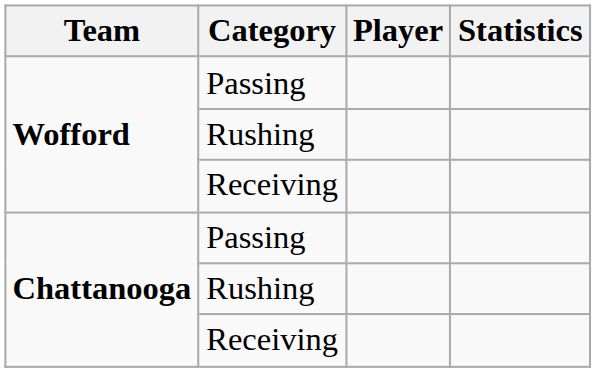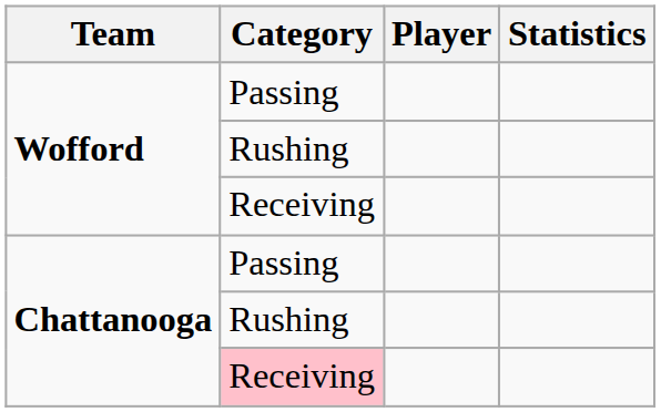 <table class="wikitable" style="float: right;">
 <tr>
 <th>Team</th>
 <th>Category</th>
 <th>Player</th>
 <th>Statistics</th>
 </tr>
 <tr>
 <td rowspan=3><strong>Wofford</strong></td>
 <td>Passing</td>
 <td></td>
 <td></td>
 </tr>
 <tr>
 <td>Rushing</td>
 <td></td>
 <td></td>
 </tr>
 <tr>
 <td>Receiving</td>
 <td></td>
 <td></td>
 </tr>
 <tr>
 <td rowspan=3><strong>Chattanooga</strong></td>
 <td>Passing</td>
 <td></td>
 <td></td>
 </tr>
 <tr>
 <td>Rushing</td>
 <td></td>
 <td></td>
 </tr>
 <tr>
-<td>Receiving</td>
+<td style="background: pink;">Receiving</td>
 <td></td>
 <td></td>
 </tr>
 </table>
